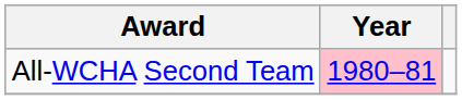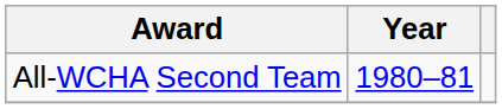 <table class="wikitable">
 <tr>
 <th>Award</th>
 <th>Year</th>
 <th></th>
 </tr>
 <tr>
 <td>All-<a href='#'>WCHA</a> <a href='#'>Second Team</a></td>
-<td style="background: pink;"><a href='#'>1980–81</a></td>
+<td><a href='#'>1980–81</a></td>
 <td></td>
 </tr>
 <tr>
 </tr>
 </table>
